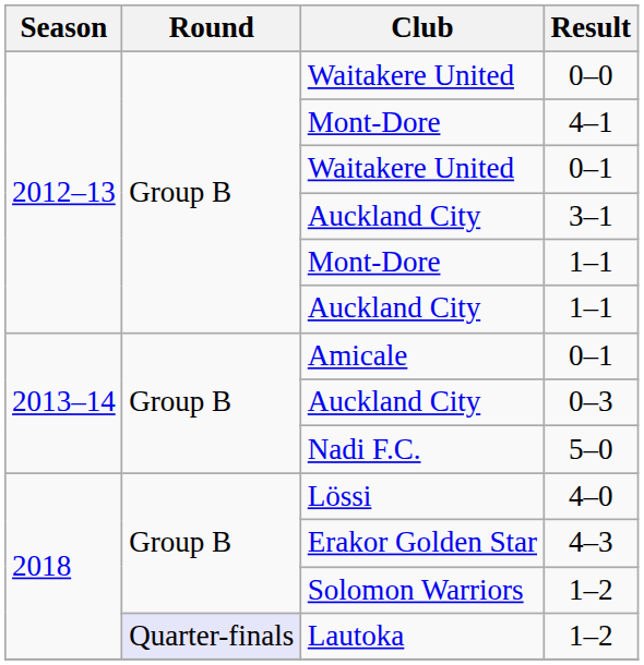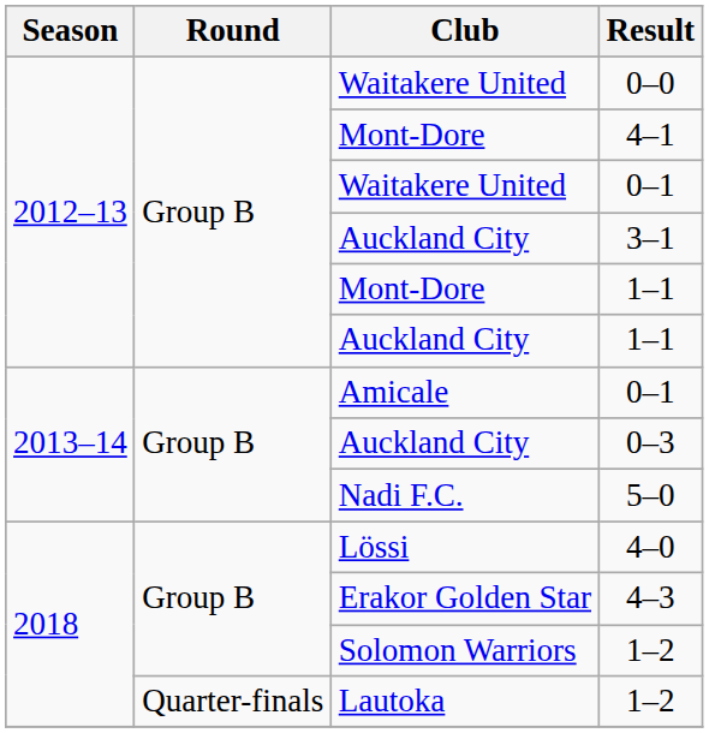 <table class="wikitable">
 <tr>
 <th>Season</th>
 <th>Round</th>
 <th>Club</th>
 <th>Result</th>
 </tr>
 <tr>
 <td rowspan="6"><a href='#'>2012–13</a></td>
 <td rowspan="6">Group B</td>
 <td> <a href='#'>Waitakere United</a></td>
 <td style="text-align:center;">0–0</td>
 </tr>
 <tr>
 <td> <a href='#'>Mont-Dore</a></td>
 <td style="text-align:center;">4–1</td>
 </tr>
 <tr>
 <td> <a href='#'>Waitakere United</a></td>
 <td style="text-align:center;">0–1</td>
 </tr>
 <tr>
 <td> <a href='#'>Auckland City</a></td>
 <td style="text-align:center;">3–1</td>
 </tr>
 <tr>
 <td> <a href='#'>Mont-Dore</a></td>
 <td style="text-align:center;">1–1</td>
 </tr>
 <tr>
 <td> <a href='#'>Auckland City</a></td>
 <td style="text-align:center;">1–1</td>
 </tr>
 <tr>
 <td rowspan="3"><a href='#'>2013–14</a></td>
 <td rowspan="3">Group B</td>
 <td> <a href='#'>Amicale</a></td>
 <td style="text-align:center;">0–1</td>
 </tr>
 <tr>
 <td> <a href='#'>Auckland City</a></td>
 <td style="text-align:center;">0–3</td>
 </tr>
 <tr>
 <td> <a href='#'>Nadi F.C.</a></td>
 <td style="text-align:center;">5–0</td>
 </tr>
 <tr>
 <td rowspan="4"><a href='#'>2018</a></td>
 <td rowspan="3">Group B</td>
 <td> <a href='#'>Lössi</a></td>
 <td style="text-align:center;">4–0</td>
 </tr>
 <tr>
 <td> <a href='#'>Erakor Golden Star</a></td>
 <td style="text-align:center;">4–3</td>
 </tr>
 <tr>
 <td> <a href='#'>Solomon Warriors</a></td>
 <td style="text-align:center;">1–2</td>
 </tr>
 <tr>
-<td style="background: lavender;">Quarter-finals</td>
+<td>Quarter-finals</td>
 <td> <a href='#'>Lautoka</a></td>
 <td style="text-align:center;">1–2</td>
 </tr>
 <tr>
 </tr>
 </table>
